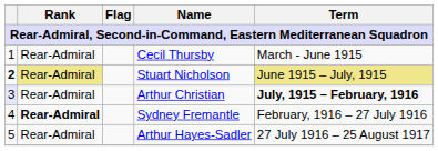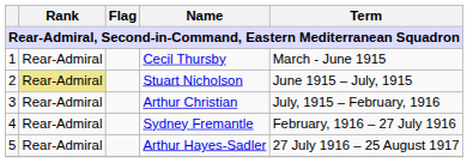 <table class="wikitable">
 <tr>
 <th></th>
 <th>Rank</th>
 <th>Flag</th>
 <th>Name</th>
 <th>Term</th>
 </tr>
 <tr>
 <td colspan="5" align="center" style="background:#dcdcfe;"><strong>Rear-Admiral, Second-in-Command, Eastern Mediterranean Squadron</strong></td>
 </tr>
 <tr>
 <td>1</td>
 <td>Rear-Admiral</td>
 <td></td>
 <td><a href='#'>Cecil Thursby</a></td>
 <td>March - June 1915</td>
 </tr>
 <tr>
-<td><strong>2</strong></td>
+<td>2</td>
 <td style="background: khaki;">Rear-Admiral</td>
 <td></td>
 <td><a href='#'>Stuart Nicholson</a></td>
-<td style="background: khaki;">June 1915 – July, 1915</td>
+<td>June 1915 – July, 1915</td>
 </tr>
 <tr>
-<td style="background: lavender;">3</td>
+<td>3</td>
 <td>Rear-Admiral</td>
 <td></td>
 <td><a href='#'>Arthur Christian</a></td>
-<td><strong>July, 1915 – February, 1916</strong></td>
+<td>July, 1915 – February, 1916</td>
 </tr>
 <tr>
 <td>4</td>
-<td><strong>Rear-Admiral</strong></td>
+<td>Rear-Admiral</td>
 <td></td>
 <td><a href='#'>Sydney Fremantle</a></td>
 <td>February, 1916  – 27 July 1916</td>
 </tr>
 <tr>
 <td>5</td>
 <td>Rear-Admiral</td>
 <td></td>
 <td><a href='#'>Arthur Hayes-Sadler</a></td>
 <td>27 July 1916  – 25 August 1917</td>
 </tr>
 <tr>
 </tr>
 </table>
